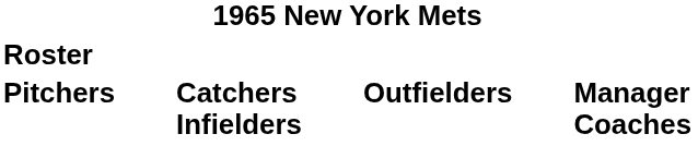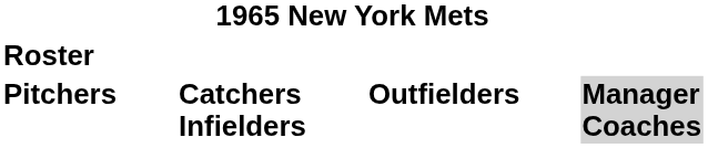 <table class="toccolours" style="font-size: 95%;">
 <tr>
 <th colspan="10">1965 New York Mets</th>
 </tr>
 <tr>
 <td colspan="10"><strong>Roster</strong></td>
 </tr>
 <tr>
 <td valign="top"><strong>Pitchers</strong><br>                   </td>
 <td width="25px"></td>
 <td valign="top"><strong>Catchers</strong><br>       <strong>Infielders</strong>        </td>
 <td width="25px"></td>
 <td valign="top"><strong>Outfielders</strong><br>       </td>
 <td width="25px"></td>
-<td valign="top"><strong>Manager</strong><br>  <strong>Coaches</strong>     </td>
+<td valign="top" style="background: lightgrey;"><strong>Manager</strong><br>  <strong>Coaches</strong>     </td>
 </tr>
 </table>
